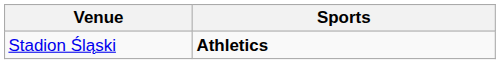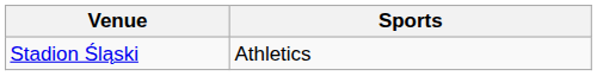 <table class="wikitable sortable">
 <tr>
 <th width="170">Venue</th>
 <th width="278">Sports</th>
 </tr>
 <tr>
 <td><a href='#'>Stadion Śląski</a></td>
-<td><strong>Athletics</strong></td>
+<td>Athletics</td>
 </tr>
 </table>
